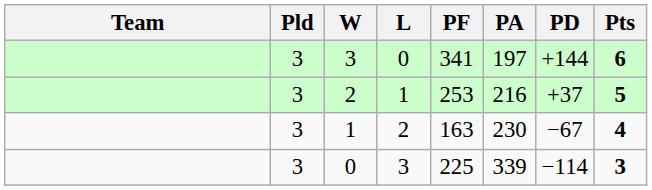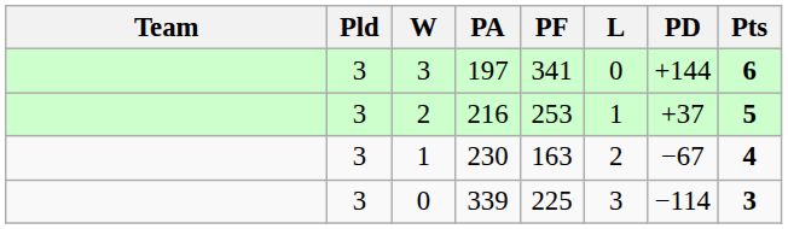 <table class=wikitable style="text-align:center">
 <tr>
 <th width=180>Team</th>
 <th width=30>Pld</th>
 <th width=30>W</th>
+<th width=30>PA</th>
+<th width=30>PF</th>
 <th width=30>L</th>
-<th width=30>PF</th>
-<th width=30>PA</th>
 <th width=30>PD</th>
 <th width=30>Pts</th>
 </tr>
 <tr bgcolor="#ccffcc">
 <td align=left></td>
 <td>3</td>
 <td>3</td>
+<td>197</td>
+<td>341</td>
 <td>0</td>
-<td>341</td>
-<td>197</td>
 <td>+144</td>
 <td><strong>6</strong></td>
 </tr>
 <tr bgcolor="#ccffcc">
 <td align=left></td>
 <td>3</td>
 <td>2</td>
+<td>216</td>
+<td>253</td>
 <td>1</td>
-<td>253</td>
-<td>216</td>
 <td>+37</td>
 <td><strong>5</strong></td>
 </tr>
 <tr align=center>
 <td align=left></td>
 <td>3</td>
 <td>1</td>
+<td>230</td>
+<td>163</td>
 <td>2</td>
-<td>163</td>
-<td>230</td>
 <td>−67</td>
 <td><strong>4</strong></td>
 </tr>
 <tr align=center>
 <td align=left></td>
 <td>3</td>
 <td>0</td>
+<td>339</td>
+<td>225</td>
 <td>3</td>
-<td>225</td>
-<td>339</td>
 <td>−114</td>
 <td><strong>3</strong></td>
 </tr>
 </table>
